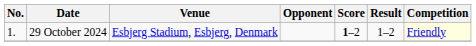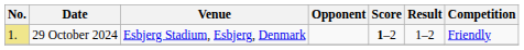 <table class="wikitable">
 <tr>
 <th>No.</th>
 <th>Date</th>
 <th>Venue</th>
 <th>Opponent</th>
 <th>Score</th>
 <th>Result</th>
 <th>Competition</th>
 </tr>
 <tr>
-<td>1.</td>
+<td style="background: khaki;">1.</td>
 <td>29 October 2024</td>
 <td><a href='#'>Esbjerg Stadium</a>, <a href='#'>Esbjerg</a>, <a href='#'>Denmark</a></td>
 <td></td>
 <td align=center><strong>1</strong>–2</td>
 <td align=center>1–2</td>
-<td style="background: lightyellow;"><a href='#'>Friendly</a></td>
+<td><a href='#'>Friendly</a></td>
 </tr>
 <tr>
 </tr>
 </table>
